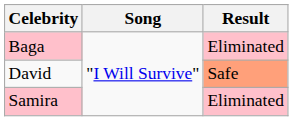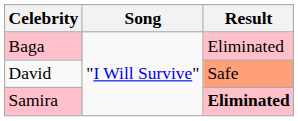 <table class="wikitable sortable collapsed">
 <tr>
 <th>Celebrity</th>
 <th>Song</th>
 <th>Result</th>
 </tr>
 <tr>
 <td style="background:pink;">Baga</td>
 <td rowspan=3>"<a href='#'>I Will Survive</a>"</td>
 <td style="background:pink;">Eliminated</td>
 </tr>
 <tr>
 <td>David</td>
 <td style="background: lightsalmon;">Safe</td>
 </tr>
 <tr>
 <td style="background:pink;">Samira</td>
-<td style="background:pink;">Eliminated</td>
+<td style="background:pink;"><strong>Eliminated</strong></td>
 </tr>
 </table>
